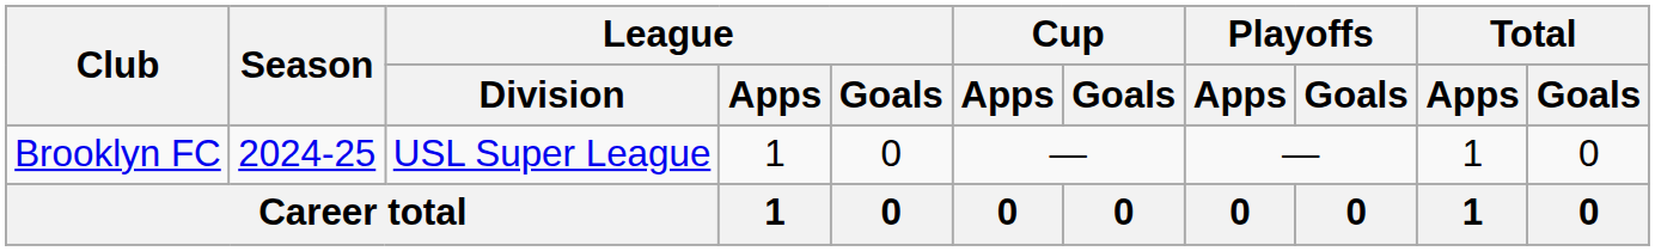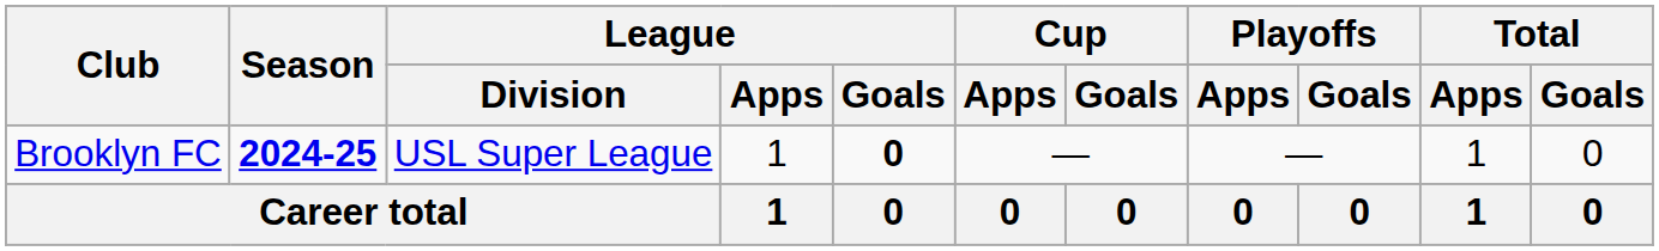 <table class="wikitable" style="text-align: center;">
 <tr>
 <th rowspan="2">Club</th>
 <th rowspan="2">Season</th>
 <th colspan="3">League</th>
 <th colspan="2">Cup</th>
 <th colspan="2">Playoffs</th>
 <th colspan="2">Total</th>
 </tr>
 <tr>
 <th>Division</th>
 <th>Apps</th>
 <th>Goals</th>
 <th>Apps</th>
 <th>Goals</th>
 <th>Apps</th>
 <th>Goals</th>
 <th>Apps</th>
 <th>Goals</th>
 </tr>
 <tr>
 <td><a href='#'>Brooklyn FC</a></td>
-<td><a href='#'>2024-25</a></td>
+<td><strong><a href='#'>2024-25</a></strong></td>
 <td><a href='#'>USL Super League</a></td>
 <td>1</td>
-<td>0</td>
+<td><strong>0</strong></td>
 <td colspan="2">—</td>
 <td colspan="2">—</td>
 <td>1</td>
 <td>0</td>
 </tr>
 <tr>
 <th colspan="3">Career total</th>
 <th>1</th>
 <th>0</th>
 <th>0</th>
 <th>0</th>
 <th>0</th>
 <th>0</th>
 <th>1</th>
 <th>0</th>
 </tr>
 </table>
